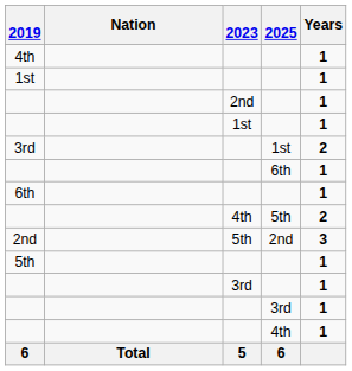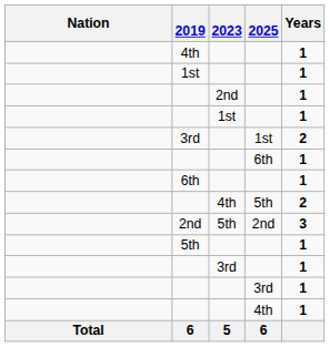 <table class="wikitable" style="text-align:center; font-size:90%">
 <tr>
+<th width=170>Nation</th>
 <th><br><a href='#'>2019</a></th>
-<th width=170>Nation</th>
 <th><br><a href='#'>2023</a></th>
 <th><br><a href='#'>2025</a></th>
 <th>Years</th>
 </tr>
 <tr>
+<td align=left></td>
 <td>4th</td>
-<td align=left></td>
 <td></td>
 <td></td>
 <td><strong>1</strong></td>
 </tr>
 <tr>
+<td align=left></td>
 <td>1st</td>
-<td align=left></td>
 <td></td>
 <td></td>
 <td><strong>1</strong></td>
 </tr>
 <tr>
+<td align=left></td>
 <td></td>
-<td align=left></td>
 <td>2nd</td>
 <td></td>
 <td><strong>1</strong></td>
 </tr>
 <tr>
+<td align=left></td>
 <td></td>
-<td align=left></td>
 <td>1st</td>
 <td></td>
 <td><strong>1</strong></td>
 </tr>
 <tr>
+<td align=left></td>
 <td>3rd</td>
-<td align=left></td>
 <td></td>
 <td>1st</td>
 <td><strong>2</strong></td>
 </tr>
 <tr>
+<td align=left></td>
 <td></td>
-<td align=left></td>
 <td></td>
 <td>6th</td>
 <td><strong>1</strong></td>
 </tr>
 <tr>
+<td align=left></td>
 <td>6th</td>
-<td align=left></td>
 <td></td>
 <td></td>
 <td><strong>1</strong></td>
 </tr>
 <tr>
+<td align=left></td>
 <td></td>
-<td align=left></td>
 <td>4th</td>
 <td>5th</td>
 <td><strong>2</strong></td>
 </tr>
 <tr>
+<td align=left></td>
 <td>2nd</td>
-<td align=left></td>
 <td>5th</td>
 <td>2nd</td>
 <td><strong>3</strong></td>
 </tr>
 <tr>
+<td align=left></td>
 <td>5th</td>
-<td align=left></td>
 <td></td>
 <td></td>
 <td><strong>1</strong></td>
 </tr>
 <tr>
+<td align=left></td>
 <td></td>
-<td align=left></td>
 <td>3rd</td>
 <td></td>
 <td><strong>1</strong></td>
 </tr>
 <tr>
+<td align=left></td>
 <td></td>
-<td align=left></td>
 <td></td>
 <td>3rd</td>
 <td><strong>1</strong></td>
 </tr>
 <tr>
+<td align=left></td>
 <td></td>
-<td align=left></td>
 <td></td>
 <td>4th</td>
 <td><strong>1</strong></td>
 </tr>
 <tr>
+<th>Total</th>
 <th>6</th>
-<th>Total</th>
 <th>5</th>
 <th>6</th>
 <th></th>
 </tr>
 </table>
